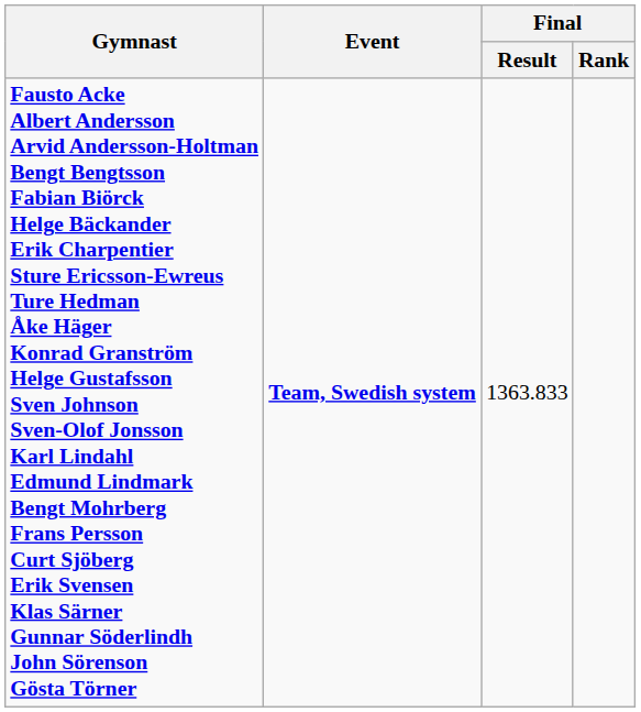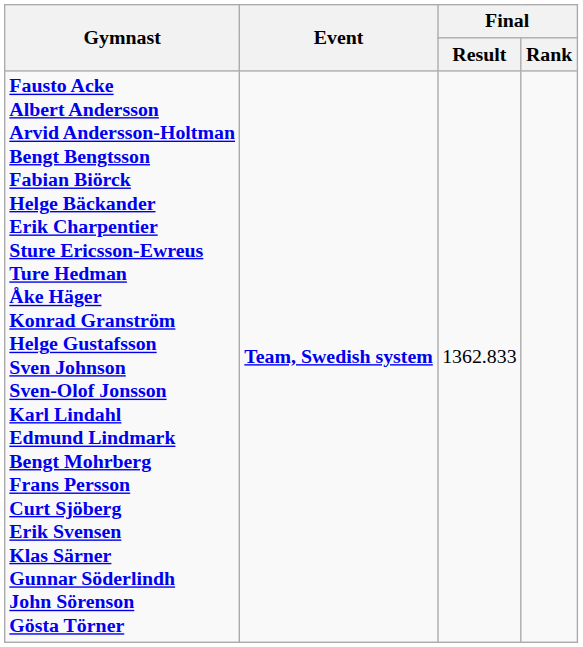 <table class=wikitable style="font-size:90%">
 <tr>
 <th rowspan=2>Gymnast</th>
 <th rowspan=2>Event</th>
 <th colspan=2>Final</th>
 </tr>
 <tr>
 <th>Result</th>
 <th>Rank</th>
 </tr>
 <tr>
 <td><strong><a href='#'>Fausto Acke</a> <br> <a href='#'>Albert Andersson</a> <br> <a href='#'>Arvid Andersson-Holtman</a> <br> <a href='#'>Bengt Bengtsson</a> <br> <a href='#'>Fabian Biörck</a> <br> <a href='#'>Helge Bäckander</a> <br> <a href='#'>Erik Charpentier</a> <br> <a href='#'>Sture Ericsson-Ewreus</a> <br> <a href='#'>Ture Hedman</a> <br> <a href='#'>Åke Häger</a> <br> <a href='#'>Konrad Granström</a> <br> <a href='#'>Helge Gustafsson</a> <br> <a href='#'>Sven Johnson</a> <br> <a href='#'>Sven-Olof Jonsson</a> <br> <a href='#'>Karl Lindahl</a> <br> <a href='#'>Edmund Lindmark</a> <br> <a href='#'>Bengt Mohrberg</a> <br> <a href='#'>Frans Persson</a> <br> <a href='#'>Curt Sjöberg</a> <br> <a href='#'>Erik Svensen</a> <br> <a href='#'>Klas Särner</a> <br> <a href='#'>Gunnar Söderlindh</a> <br> <a href='#'>John Sörenson</a> <br> <a href='#'>Gösta Törner</a></strong></td>
 <td><strong><a href='#'>Team, Swedish system</a></strong></td>
-<td align=center>1363.833</td>
+<td align=center>1362.833</td>
 <td align=center></td>
 </tr>
 </table>
